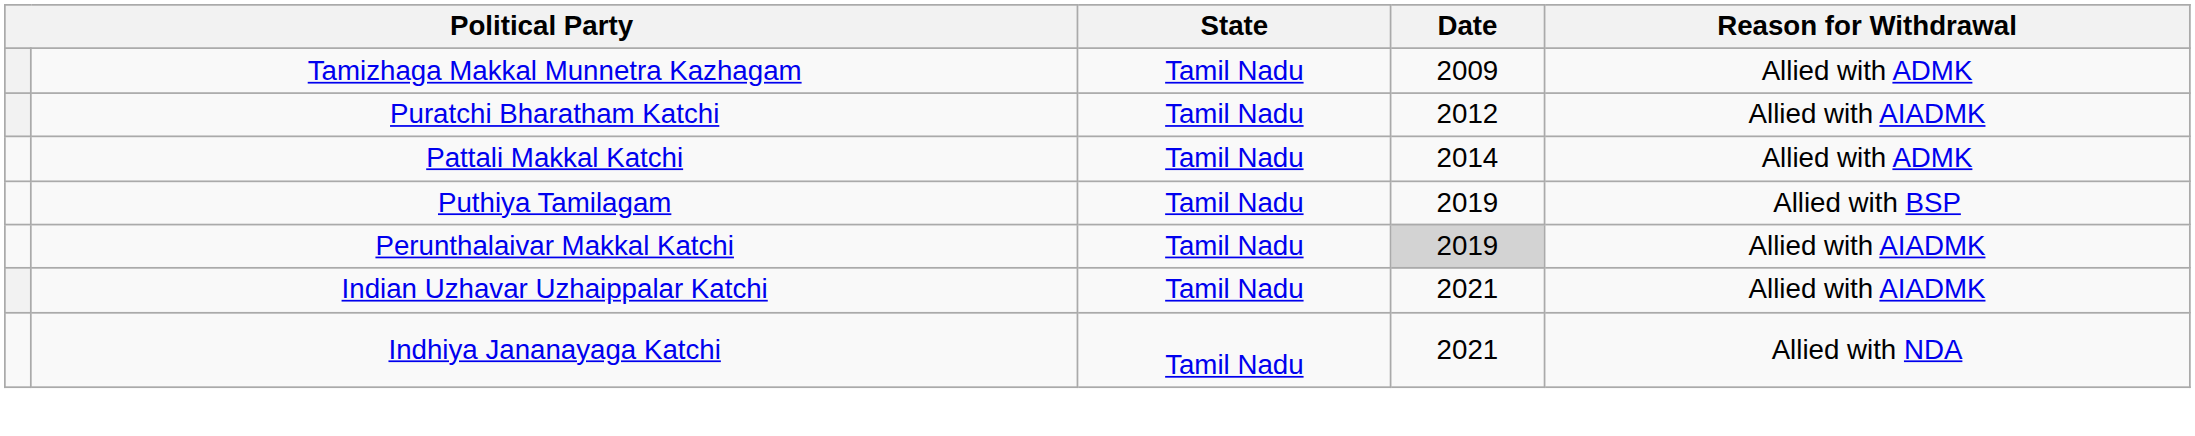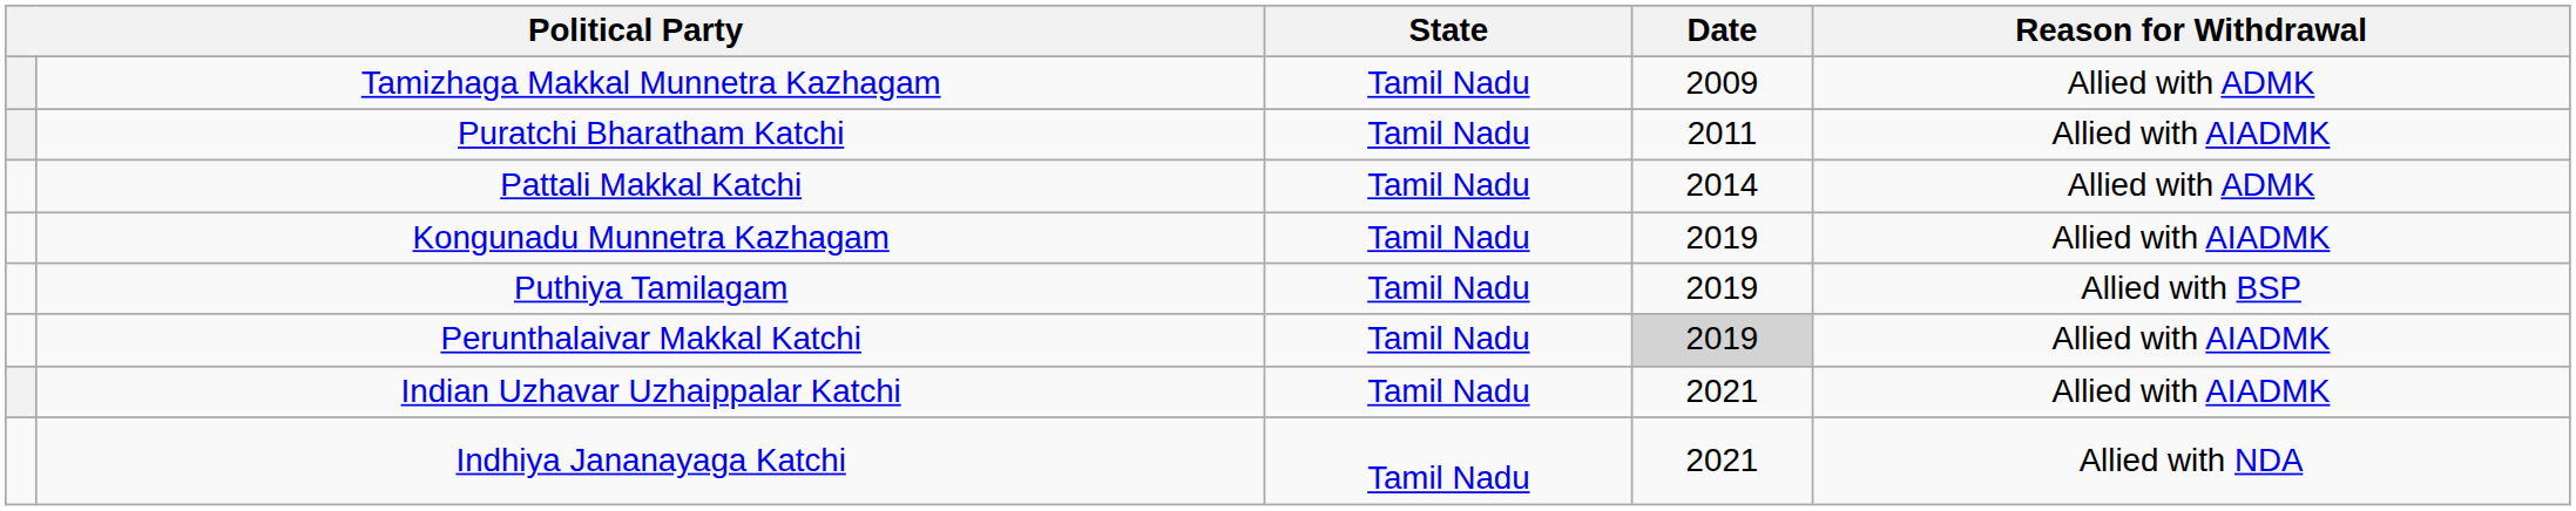 <table class="wikitable" style="width:100%; text-align:center">
 <tr>
 <th colspan=2>Political Party</th>
 <th>State</th>
 <th>Date</th>
 <th>Reason for Withdrawal</th>
 </tr>
 <tr>
 <th style="background-color:"></th>
 <td style="text-align: center;"><a href='#'>Tamizhaga Makkal Munnetra Kazhagam</a></td>
 <td style="text-align: center;"><a href='#'>Tamil Nadu</a></td>
 <td style="text-align: center;">2009</td>
 <td>Allied with <a href='#'>ADMK</a></td>
 </tr>
 <tr>
 <th style="background-color:"></th>
 <td style="text-align: center;"><a href='#'>Puratchi Bharatham Katchi</a></td>
 <td style="text-align: center;"><a href='#'>Tamil Nadu</a></td>
-<td style="text-align: center;">2012</td>
+<td style="text-align: center;">2011</td>
 <td>Allied with <a href='#'>AIADMK</a></td>
 </tr>
 <tr>
 <td style="background-color:"></td>
 <td style="text-align: center;"><a href='#'>Pattali Makkal Katchi</a></td>
 <td style="text-align: center;"><a href='#'>Tamil Nadu</a></td>
 <td style="text-align: center;">2014</td>
 <td>Allied with <a href='#'>ADMK</a></td>
+</tr>
+<tr>
+<td style="background-color:"></td>
+<td style="text-align: center;"><a href='#'>Kongunadu Munnetra Kazhagam</a></td>
+<td style="text-align: center;"><a href='#'>Tamil Nadu</a></td>
+<td style="text-align: center;">2019</td>
+<td>Allied with <a href='#'>AIADMK</a></td>
 </tr>
 <tr>
 <td style="background-color:"></td>
 <td style="text-align: center;"><a href='#'>Puthiya Tamilagam</a></td>
 <td style="text-align: center;"><a href='#'>Tamil Nadu</a></td>
 <td style="text-align: center;">2019</td>
 <td>Allied with <a href='#'>BSP</a></td>
 </tr>
 <tr>
 <td style="background-color:"></td>
 <td style="text-align: center;"><a href='#'>Perunthalaivar Makkal Katchi</a></td>
 <td style="text-align: center;"><a href='#'>Tamil Nadu</a></td>
 <td style="background: lightgrey; text-align: center;">2019</td>
 <td>Allied with <a href='#'>AIADMK</a></td>
 </tr>
 <tr>
 <th style="background-color:"></th>
 <td style="text-align: center;"><a href='#'>Indian Uzhavar Uzhaippalar Katchi</a></td>
 <td style="text-align: center;"><a href='#'>Tamil Nadu</a></td>
 <td style="text-align: center;">2021</td>
 <td>Allied with <a href='#'>AIADMK</a></td>
 </tr>
 <tr>
 <td style="background-color:"></td>
 <td style="text-align: center;"><a href='#'>Indhiya Jananayaga Katchi</a></td>
 <td style="text-align: center;"><br><a href='#'>Tamil Nadu</a></td>
 <td style="text-align: center;">2021</td>
 <td>Allied with <a href='#'>NDA</a></td>
 </tr>
 </table>
